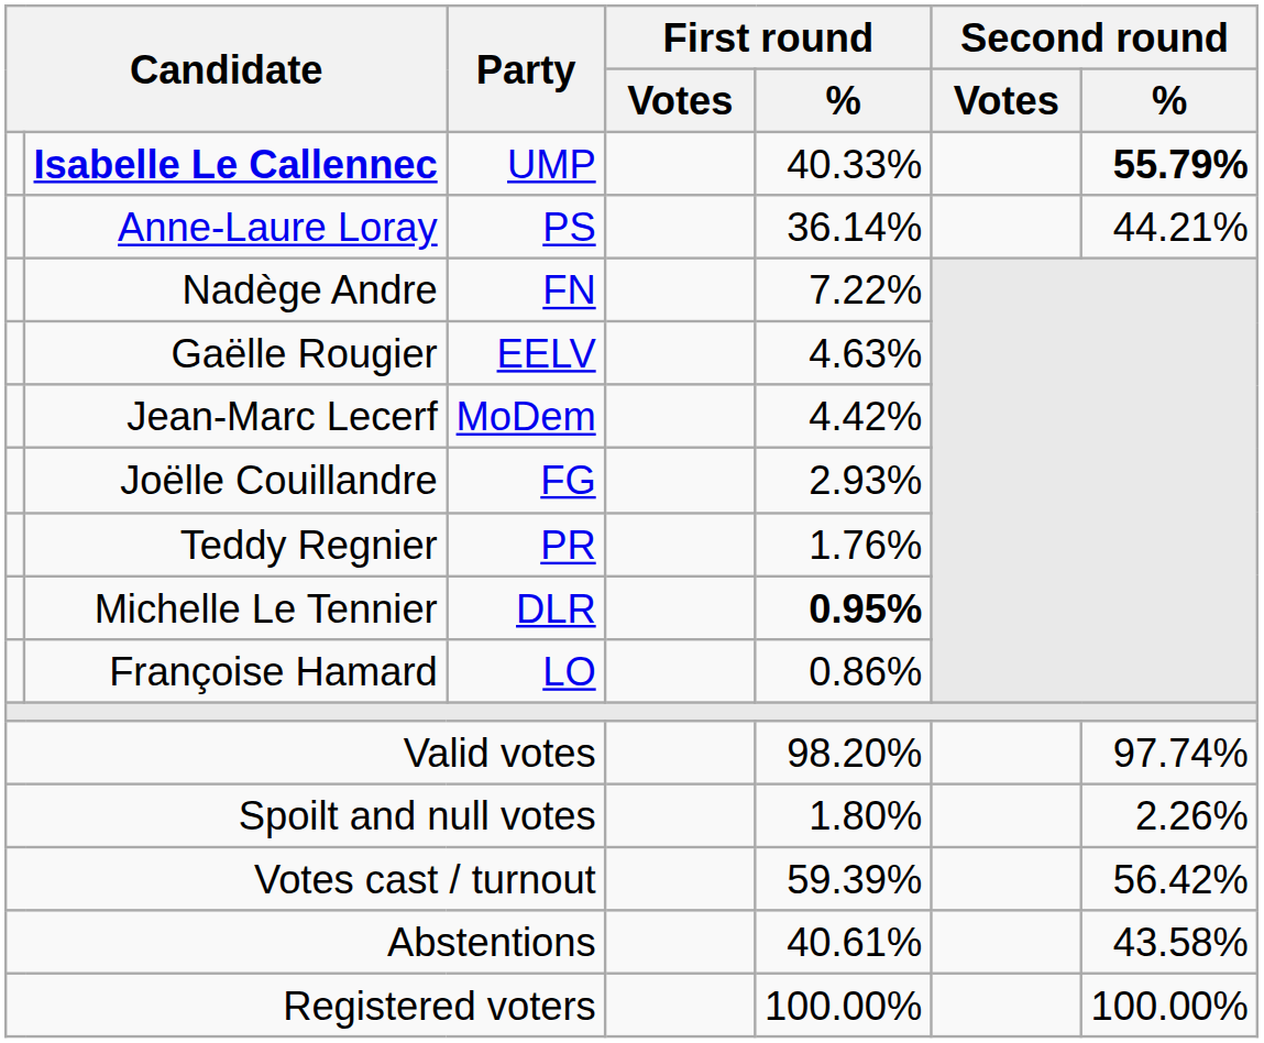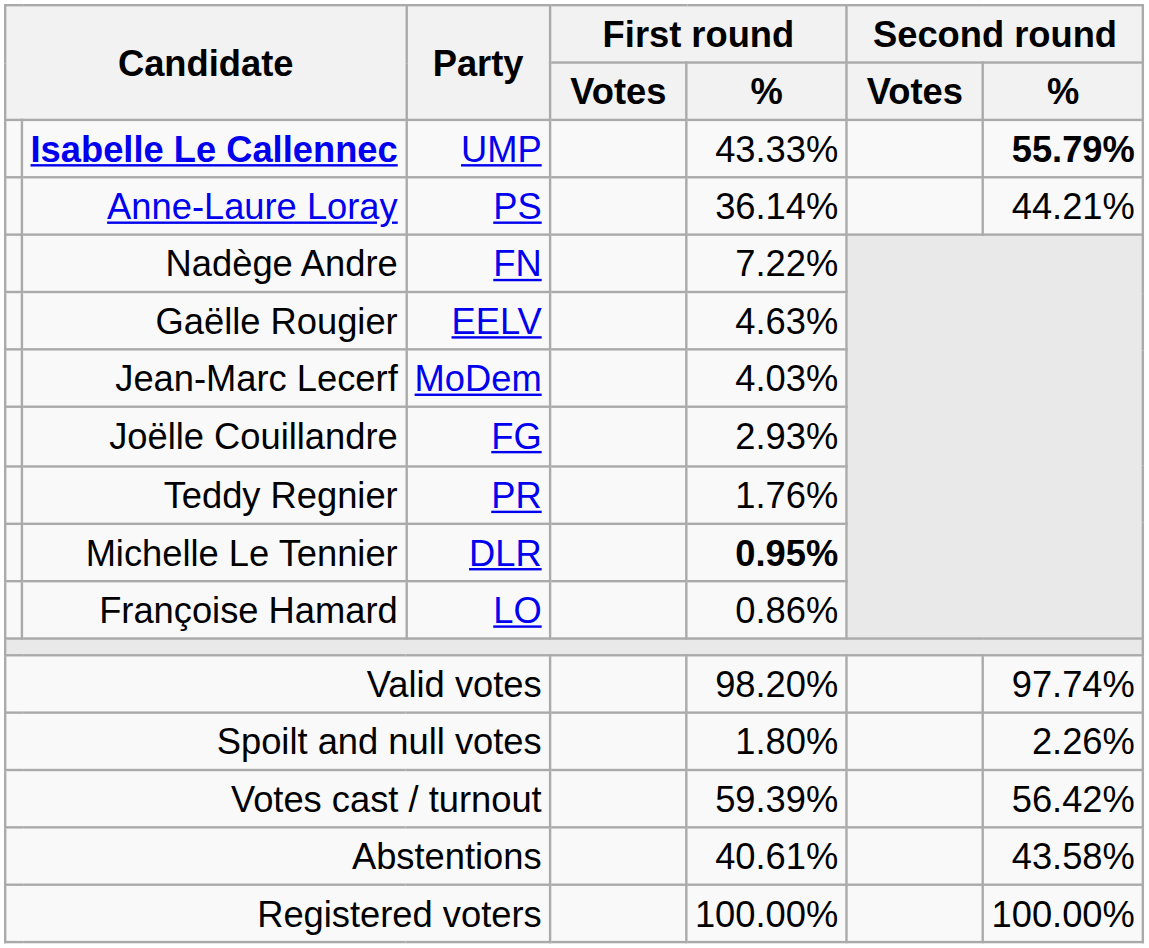 <table class="wikitable" style="text-align:right;font-size:95%;">
 <tr>
 <th colspan="2" rowspan="2">Candidate</th>
 <th colspan="1" rowspan="2">Party</th>
 <th colspan="2">First round</th>
 <th colspan="2">Second round</th>
 </tr>
 <tr>
 <th style="width:50px;">Votes</th>
 <th style="width:55px;">%</th>
 <th style="width:50px;">Votes</th>
 <th style="width:55px;">%</th>
 </tr>
 <tr>
 <td style="color:inherit;background-color:"></td>
 <td><strong><a href='#'>Isabelle Le Callennec</a></strong></td>
 <td><a href='#'>UMP</a></td>
 <td></td>
-<td>40.33%</td>
+<td>43.33%</td>
 <td><strong></strong></td>
 <td><strong>55.79%</strong></td>
 </tr>
 <tr>
 <td style="color:inherit;background-color:"></td>
 <td><a href='#'>Anne-Laure Loray</a></td>
 <td><a href='#'>PS</a></td>
 <td></td>
 <td>36.14%</td>
 <td></td>
 <td>44.21%</td>
 </tr>
 <tr>
 <td style="color:inherit;background-color:"></td>
 <td>Nadège Andre</td>
 <td><a href='#'>FN</a></td>
 <td></td>
 <td>7.22%</td>
 <td colspan="7" rowspan="7" style="background-color:#E9E9E9;"></td>
 </tr>
 <tr>
 <td style="color:inherit;background-color:"></td>
 <td>Gaëlle Rougier</td>
 <td><a href='#'>EELV</a></td>
 <td></td>
 <td>4.63%</td>
 </tr>
 <tr>
 <td style="color:inherit;background-color:"></td>
 <td>Jean-Marc Lecerf</td>
 <td><a href='#'>MoDem</a></td>
 <td></td>
-<td>4.42%</td>
+<td>4.03%</td>
 </tr>
 <tr>
 <td style="color:inherit;background-color:"></td>
 <td>Joëlle Couillandre</td>
 <td><a href='#'>FG</a></td>
 <td></td>
 <td>2.93%</td>
 </tr>
 <tr>
 <td style="color:inherit;background-color:"></td>
 <td>Teddy Regnier</td>
 <td><a href='#'>PR</a></td>
 <td></td>
 <td>1.76%</td>
 </tr>
 <tr>
 <td style="color:inherit;background-color:"></td>
 <td>Michelle Le Tennier</td>
 <td><a href='#'>DLR</a></td>
 <td></td>
 <td><strong>0.95%</strong></td>
 </tr>
 <tr>
 <td style="color:inherit;background-color:"></td>
 <td>Françoise Hamard</td>
 <td><a href='#'>LO</a></td>
 <td></td>
 <td>0.86%</td>
 </tr>
 <tr>
 <td colspan="7" style="background-color:#E9E9E9;"></td>
 </tr>
 <tr>
 <td colspan="3">Valid votes</td>
 <td></td>
 <td>98.20%</td>
 <td></td>
 <td>97.74%</td>
 </tr>
 <tr>
 <td colspan="3">Spoilt and null votes</td>
 <td></td>
 <td>1.80%</td>
 <td></td>
 <td>2.26%</td>
 </tr>
 <tr>
 <td colspan="3">Votes cast / turnout</td>
 <td></td>
 <td>59.39%</td>
 <td></td>
 <td>56.42%</td>
 </tr>
 <tr>
 <td colspan="3">Abstentions</td>
 <td></td>
 <td>40.61%</td>
 <td></td>
 <td>43.58%</td>
 </tr>
 <tr>
 <td colspan="3">Registered voters</td>
 <td></td>
 <td>100.00%</td>
 <td></td>
 <td>100.00%</td>
 </tr>
 </table>
